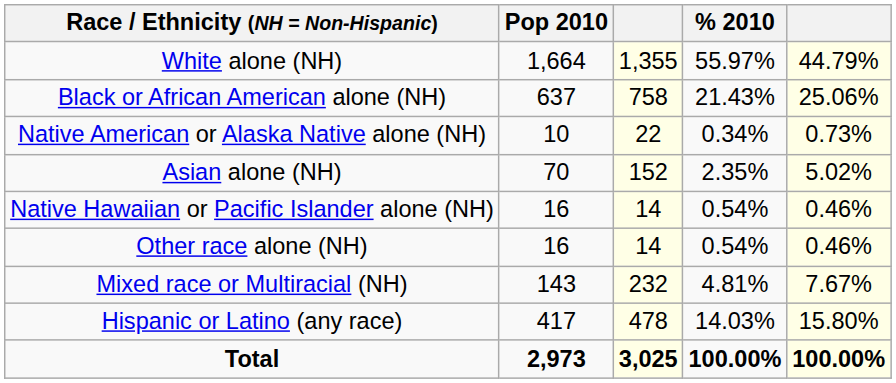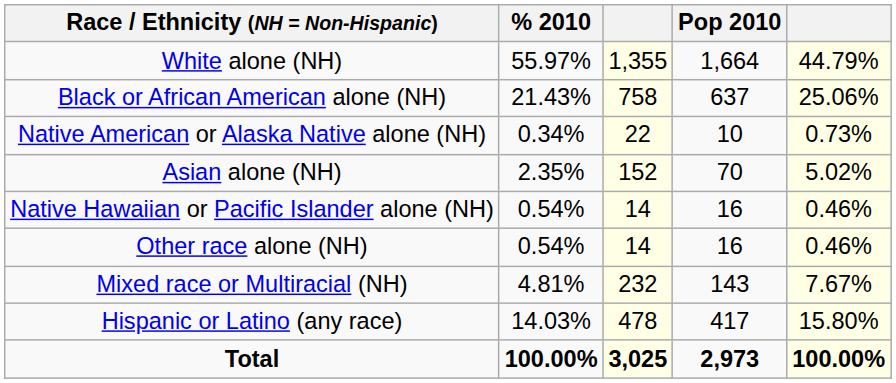 <table class="wikitable" style="text-align:center;">
 <tr>
 <th>Race / Ethnicity <small>(<em>NH = Non-Hispanic</em>)</small></th>
+<th>% 2010</th>
+<th></th>
 <th>Pop 2010</th>
-<th></th>
-<th>% 2010</th>
 <th></th>
 </tr>
 <tr>
 <td><a href='#'>White</a> alone (NH)</td>
+<td>55.97%</td>
+<td style='background: #ffffe6;'>1,355</td>
 <td>1,664</td>
-<td style='background: #ffffe6;'>1,355</td>
-<td>55.97%</td>
 <td style='background: #ffffe6;'>44.79%</td>
 </tr>
 <tr>
 <td><a href='#'>Black or African American</a> alone (NH)</td>
+<td>21.43%</td>
+<td style='background: #ffffe6;'>758</td>
 <td>637</td>
-<td style='background: #ffffe6;'>758</td>
-<td>21.43%</td>
 <td style='background: #ffffe6;'>25.06%</td>
 </tr>
 <tr>
 <td><a href='#'>Native American</a> or <a href='#'>Alaska Native</a> alone (NH)</td>
+<td>0.34%</td>
+<td style='background: #ffffe6;'>22</td>
 <td>10</td>
-<td style='background: #ffffe6;'>22</td>
-<td>0.34%</td>
 <td style='background: #ffffe6;'>0.73%</td>
 </tr>
 <tr>
 <td><a href='#'>Asian</a> alone (NH)</td>
+<td>2.35%</td>
+<td style='background: #ffffe6;'>152</td>
 <td>70</td>
-<td style='background: #ffffe6;'>152</td>
-<td>2.35%</td>
 <td style='background: #ffffe6;'>5.02%</td>
 </tr>
 <tr>
 <td><a href='#'>Native Hawaiian</a> or <a href='#'>Pacific Islander</a> alone (NH)</td>
+<td>0.54%</td>
+<td style='background: #ffffe6;'>14</td>
 <td>16</td>
-<td style='background: #ffffe6;'>14</td>
-<td>0.54%</td>
 <td style='background: #ffffe6;'>0.46%</td>
 </tr>
 <tr>
 <td><a href='#'>Other race</a> alone (NH)</td>
+<td>0.54%</td>
+<td style='background: #ffffe6;'>14</td>
 <td>16</td>
-<td style='background: #ffffe6;'>14</td>
-<td>0.54%</td>
 <td style='background: #ffffe6;'>0.46%</td>
 </tr>
 <tr>
 <td><a href='#'>Mixed race or Multiracial</a> (NH)</td>
+<td>4.81%</td>
+<td style='background: #ffffe6;'>232</td>
 <td>143</td>
-<td style='background: #ffffe6;'>232</td>
-<td>4.81%</td>
 <td style='background: #ffffe6;'>7.67%</td>
 </tr>
 <tr>
 <td><a href='#'>Hispanic or Latino</a> (any race)</td>
+<td>14.03%</td>
+<td style='background: #ffffe6;'>478</td>
 <td>417</td>
-<td style='background: #ffffe6;'>478</td>
-<td>14.03%</td>
 <td style='background: #ffffe6;'>15.80%</td>
 </tr>
 <tr>
 <td><strong>Total</strong></td>
+<td><strong>100.00%</strong></td>
+<td style='background: #ffffe6;'><strong>3,025</strong></td>
 <td><strong>2,973</strong></td>
-<td style='background: #ffffe6;'><strong>3,025</strong></td>
-<td><strong>100.00%</strong></td>
 <td style='background: #ffffe6;'><strong>100.00%</strong></td>
 </tr>
 </table>
